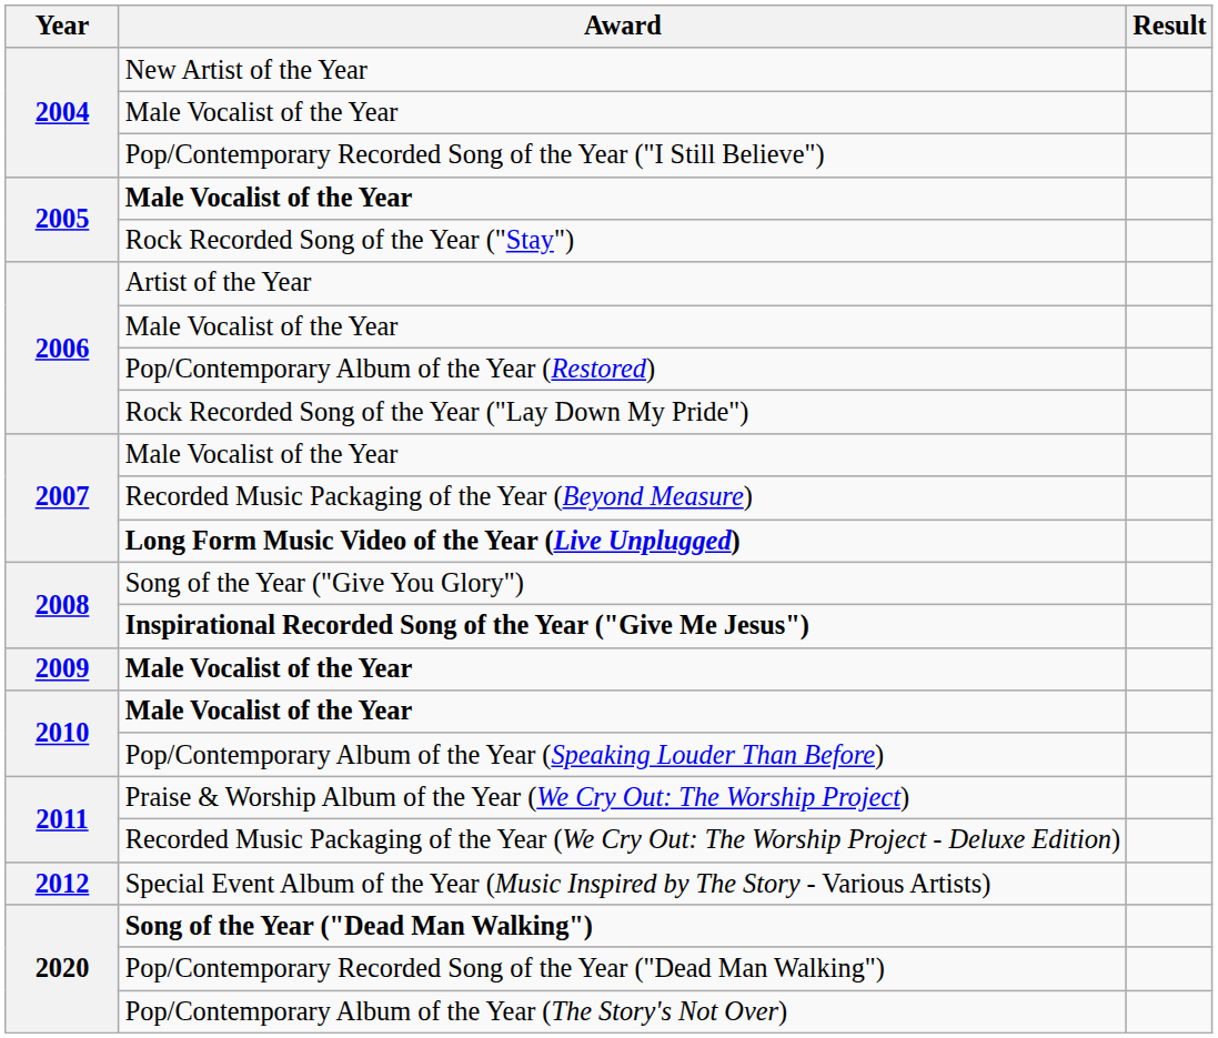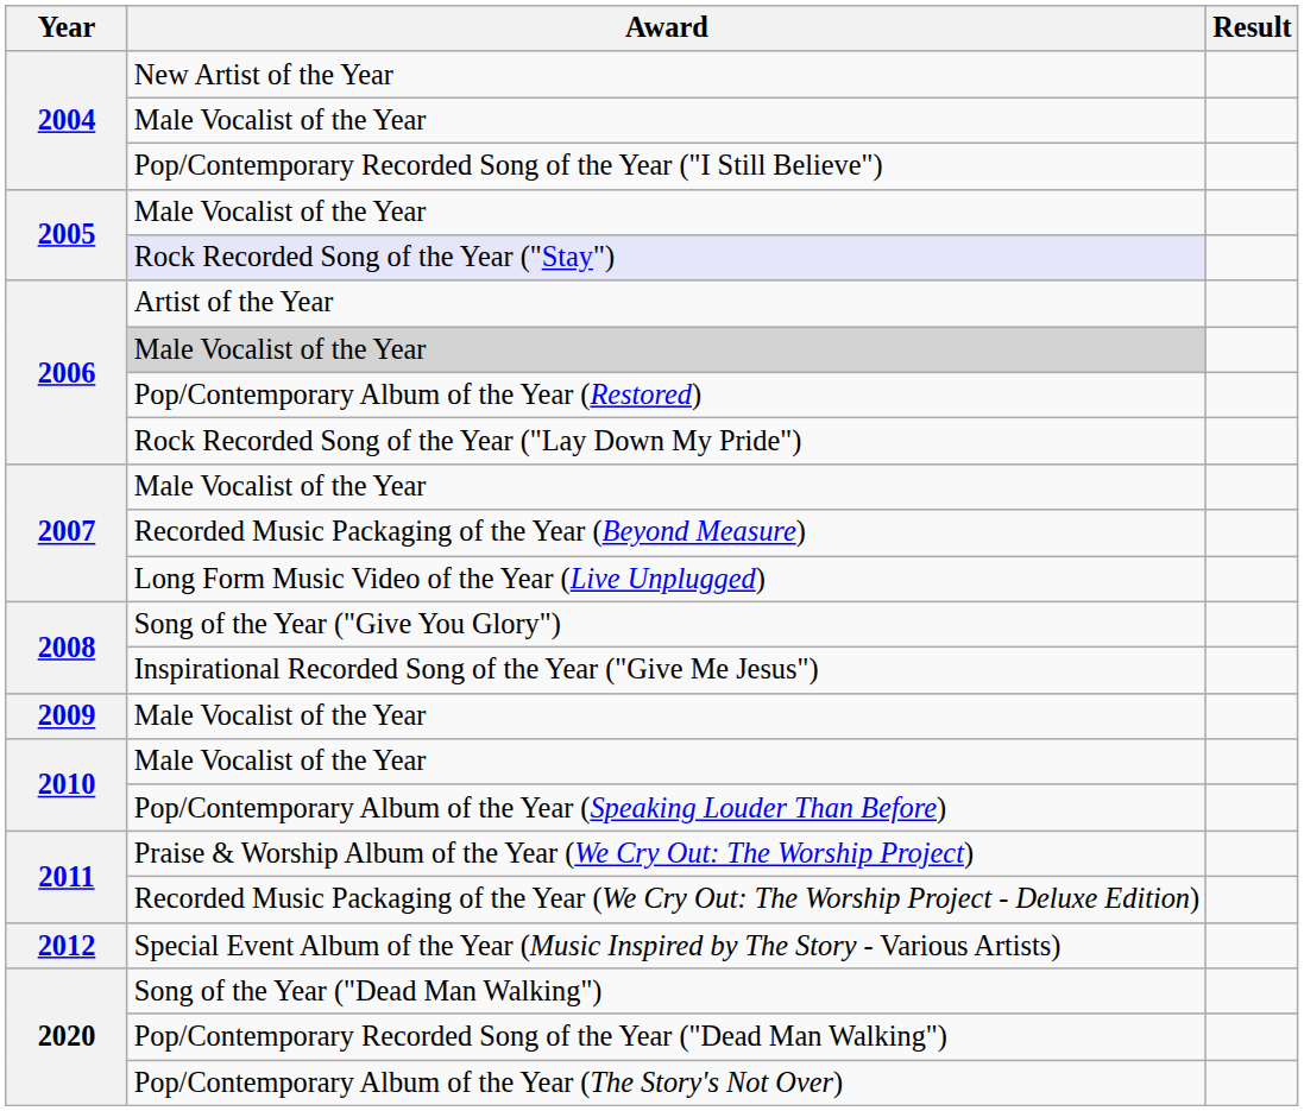 <table class="wikitable">
 <tr>
 <th style="width:60px;">Year</th>
 <th>Award</th>
 <th>Result</th>
 </tr>
 <tr>
 <th rowspan="3"><a href='#'>2004</a></th>
 <td>New Artist of the Year</td>
 <td></td>
 </tr>
 <tr>
 <td>Male Vocalist of the Year</td>
 <td></td>
 </tr>
 <tr>
 <td>Pop/Contemporary Recorded Song of the Year ("I Still Believe")</td>
 <td></td>
 </tr>
 <tr>
 <th rowspan="2"><a href='#'>2005</a></th>
-<td><strong>Male Vocalist of the Year</strong></td>
+<td>Male Vocalist of the Year</td>
 <td></td>
 </tr>
 <tr>
-<td>Rock Recorded Song of the Year ("<a href='#'>Stay</a>")</td>
+<td style="background: lavender;">Rock Recorded Song of the Year ("<a href='#'>Stay</a>")</td>
 <td></td>
 </tr>
 <tr>
 <th rowspan="4"><a href='#'>2006</a></th>
 <td>Artist of the Year</td>
 <td></td>
 </tr>
 <tr>
-<td>Male Vocalist of the Year</td>
+<td style="background: lightgrey;">Male Vocalist of the Year</td>
 <td></td>
 </tr>
 <tr>
 <td>Pop/Contemporary Album of the Year (<em><a href='#'>Restored</a></em>)</td>
 <td></td>
 </tr>
 <tr>
 <td>Rock Recorded Song of the Year ("Lay Down My Pride")</td>
 <td></td>
 </tr>
 <tr>
 <th rowspan="3"><a href='#'>2007</a></th>
 <td>Male Vocalist of the Year</td>
 <td></td>
 </tr>
 <tr>
 <td>Recorded Music Packaging of the Year (<em><a href='#'>Beyond Measure</a></em>)</td>
 <td></td>
 </tr>
 <tr>
-<td><strong>Long Form Music Video of the Year (<em><a href='#'>Live Unplugged</a></em>)</strong></td>
+<td>Long Form Music Video of the Year (<em><a href='#'>Live Unplugged</a></em>)</td>
 <td></td>
 </tr>
 <tr>
 <th rowspan="2"><a href='#'>2008</a></th>
 <td>Song of the Year ("Give You Glory")</td>
 <td></td>
 </tr>
 <tr>
-<td><strong>Inspirational Recorded Song of the Year ("Give Me Jesus")</strong></td>
+<td>Inspirational Recorded Song of the Year ("Give Me Jesus")</td>
 <td></td>
 </tr>
 <tr>
 <th><a href='#'>2009</a></th>
-<td><strong>Male Vocalist of the Year</strong></td>
+<td>Male Vocalist of the Year</td>
 <td></td>
 </tr>
 <tr>
 <th rowspan="2"><a href='#'>2010</a></th>
-<td><strong>Male Vocalist of the Year</strong></td>
+<td>Male Vocalist of the Year</td>
 <td></td>
 </tr>
 <tr>
 <td>Pop/Contemporary Album of the Year (<em><a href='#'>Speaking Louder Than Before</a></em>)</td>
 <td></td>
 </tr>
 <tr>
 <th rowspan="2"><a href='#'>2011</a></th>
 <td>Praise & Worship Album of the Year (<em><a href='#'>We Cry Out: The Worship Project</a></em>)</td>
 <td></td>
 </tr>
 <tr>
 <td>Recorded Music Packaging of the Year (<em>We Cry Out: The Worship Project - Deluxe Edition</em>)</td>
 <td></td>
 </tr>
 <tr>
 <th rowspan="1"><a href='#'>2012</a></th>
 <td>Special Event Album of the Year (<em>Music Inspired by The Story</em> - Various Artists)</td>
 <td></td>
 </tr>
 <tr>
 <th rowspan="3">2020</th>
-<td><strong>Song of the Year ("Dead Man Walking")</strong></td>
+<td>Song of the Year ("Dead Man Walking")</td>
 <td></td>
 </tr>
 <tr>
 <td>Pop/Contemporary Recorded Song of the Year ("Dead Man Walking")</td>
 <td></td>
 </tr>
 <tr>
 <td>Pop/Contemporary Album of the Year (<em>The Story's Not Over</em>)</td>
 <td></td>
 </tr>
 </table>
